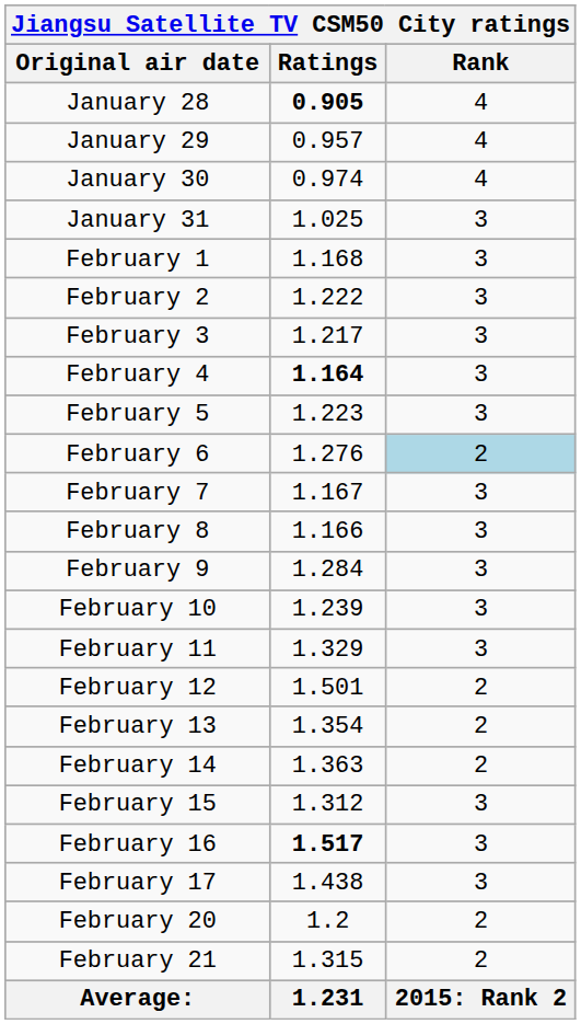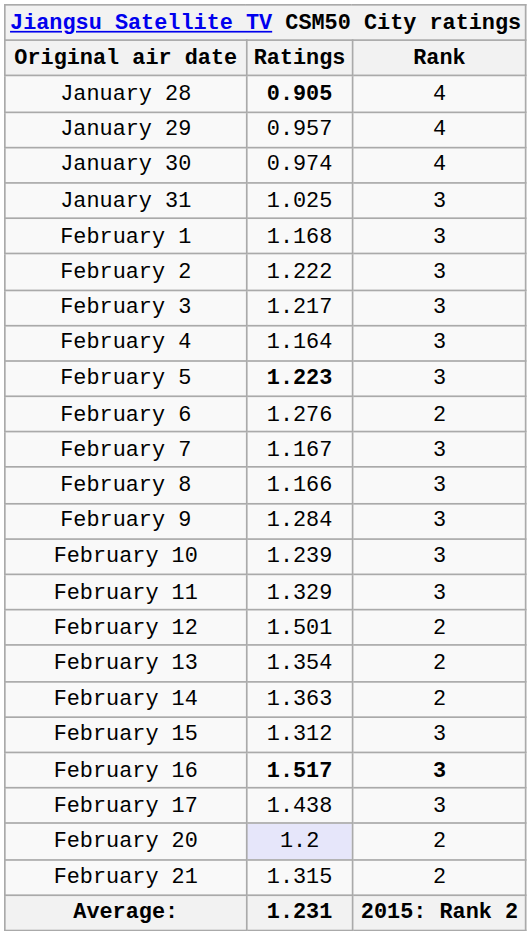 <table class="wikitable sortable mw-collapsible jquery-tablesorter" style="text-align:center">
 <tr>
 <th colspan="3"><a href='#'>Jiangsu Satellite TV</a> CSM50 City ratings</th>
 </tr>
 <tr>
 <th>Original air date</th>
 <th>Ratings</th>
 <th>Rank</th>
 </tr>
 <tr>
 <td>January 28</td>
 <td><strong><span>0.905</span></strong></td>
 <td>4</td>
 </tr>
 <tr>
 <td>January 29</td>
 <td>0.957</td>
 <td>4</td>
 </tr>
 <tr>
 <td>January 30</td>
 <td>0.974</td>
 <td>4</td>
 </tr>
 <tr>
 <td>January 31</td>
 <td>1.025</td>
 <td>3</td>
 </tr>
 <tr>
 <td>February 1</td>
 <td>1.168</td>
 <td>3</td>
 </tr>
 <tr>
 <td>February 2</td>
 <td>1.222</td>
 <td>3</td>
 </tr>
 <tr>
 <td>February 3</td>
 <td>1.217</td>
 <td>3</td>
 </tr>
 <tr>
 <td>February 4</td>
-<td><strong>1.164</strong></td>
+<td>1.164</td>
 <td>3</td>
 </tr>
 <tr>
 <td>February 5</td>
-<td>1.223</td>
+<td><strong>1.223</strong></td>
 <td>3</td>
 </tr>
 <tr>
 <td>February 6</td>
 <td>1.276</td>
-<td style="background: lightblue;">2</td>
+<td>2</td>
 </tr>
 <tr>
 <td>February 7</td>
 <td>1.167</td>
 <td>3</td>
 </tr>
 <tr>
 <td>February 8</td>
 <td>1.166</td>
 <td>3</td>
 </tr>
 <tr>
 <td>February 9</td>
 <td>1.284</td>
 <td>3</td>
 </tr>
 <tr>
 <td>February 10</td>
 <td>1.239</td>
 <td>3</td>
 </tr>
 <tr>
 <td>February 11</td>
 <td>1.329</td>
 <td>3</td>
 </tr>
 <tr>
 <td>February 12</td>
 <td>1.501</td>
 <td>2</td>
 </tr>
 <tr>
 <td>February 13</td>
 <td>1.354</td>
 <td>2</td>
 </tr>
 <tr>
 <td>February 14</td>
 <td>1.363</td>
 <td>2</td>
 </tr>
 <tr>
 <td>February 15</td>
 <td>1.312</td>
 <td>3</td>
 </tr>
 <tr>
 <td>February 16</td>
 <td><strong><span>1.517</span></strong></td>
-<td>3</td>
+<td><strong>3</strong></td>
 </tr>
 <tr>
 <td>February 17</td>
 <td>1.438</td>
 <td>3</td>
 </tr>
 <tr>
 <td>February 20</td>
-<td>1.2</td>
+<td style="background: lavender;">1.2</td>
 <td>2</td>
 </tr>
 <tr>
 <td>February 21</td>
 <td>1.315</td>
 <td>2</td>
 </tr>
 <tr>
 <th>Average:</th>
 <th>1.231</th>
 <th>2015: Rank 2</th>
 </tr>
 </table>
